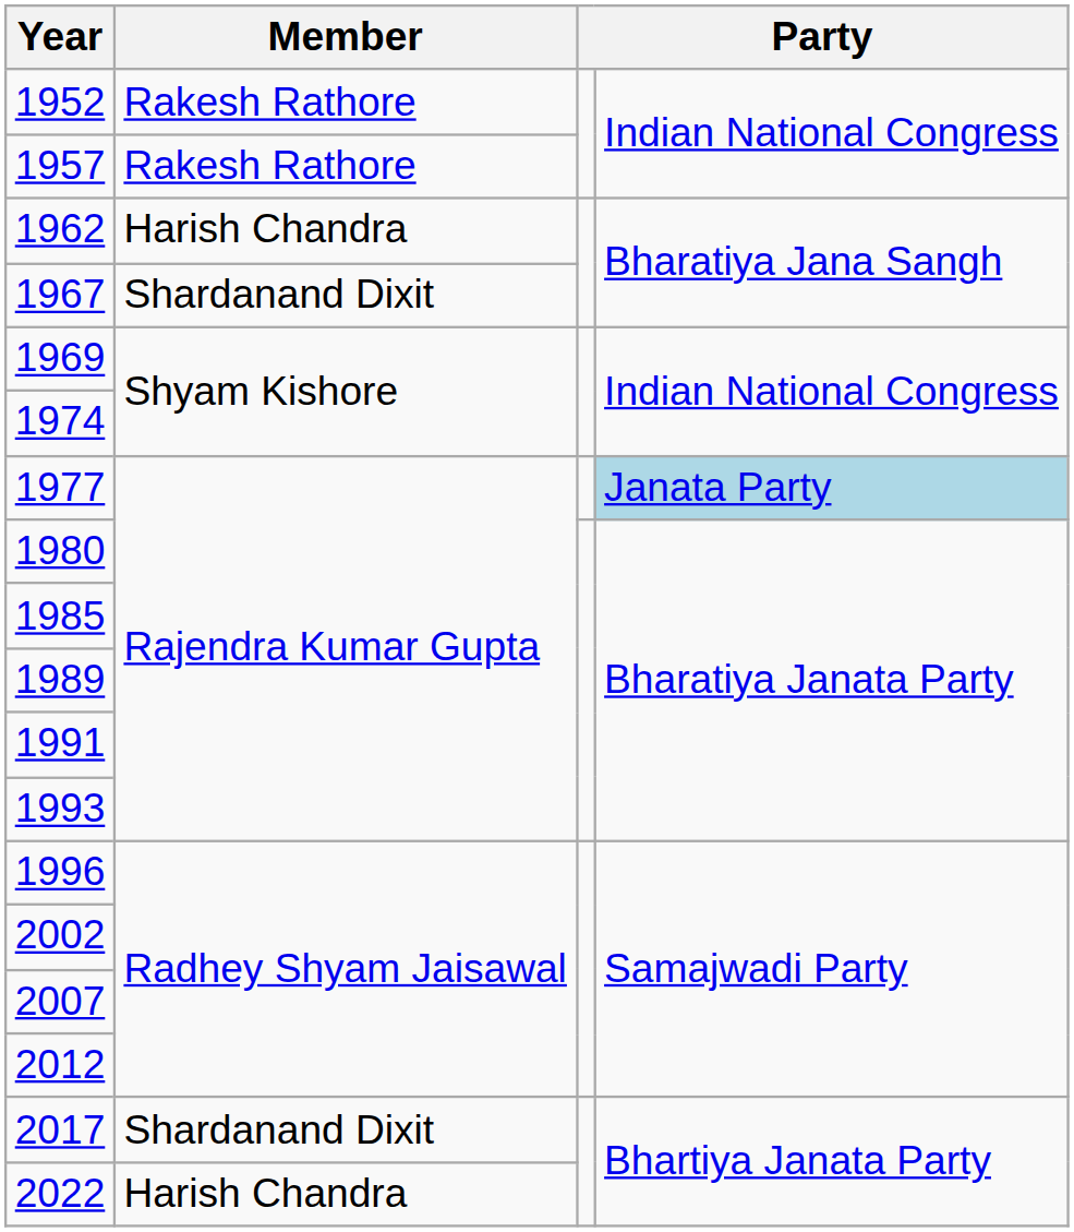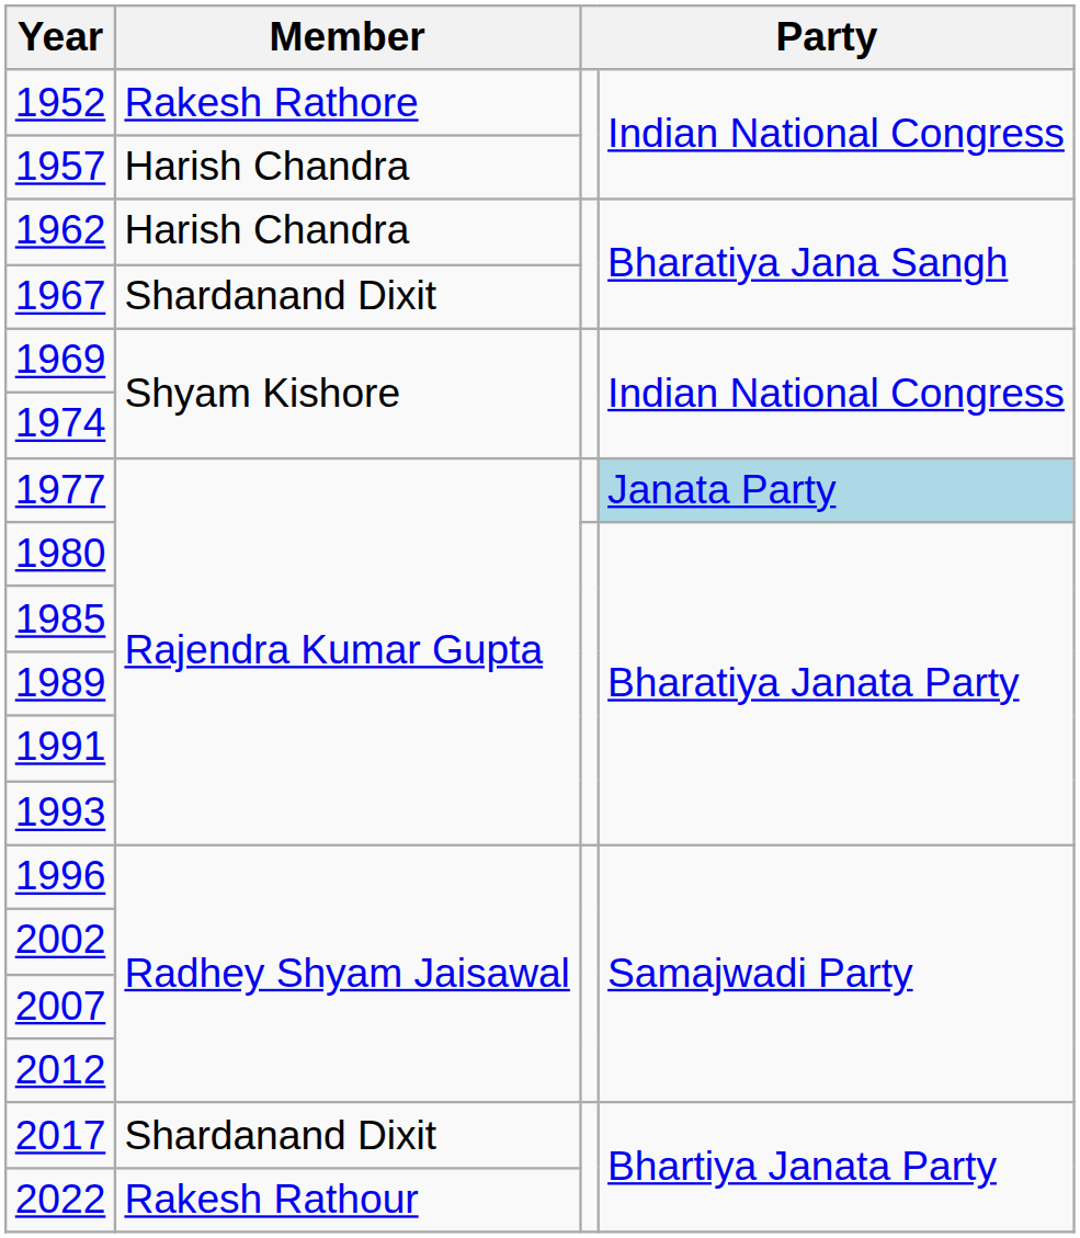 <table class="wikitable">
 <tr>
 <th>Year</th>
 <th>Member</th>
 <th colspan="2">Party</th>
 </tr>
 <tr>
 <td><a href='#'>1952</a></td>
 <td><a href='#'>Rakesh Rathore</a></td>
 <td rowspan="2" style="background-color: "></td>
 <td rowspan="2"><a href='#'>Indian National Congress</a></td>
 </tr>
 <tr>
 <td><a href='#'>1957</a></td>
-<td><a href='#'>Rakesh Rathore</a></td>
+<td>Harish Chandra</td>
 </tr>
 <tr>
 <td><a href='#'>1962</a></td>
 <td>Harish Chandra</td>
 <td rowspan="2" style="background-color: "></td>
 <td rowspan="2"><a href='#'>Bharatiya Jana Sangh</a></td>
 </tr>
 <tr>
 <td><a href='#'>1967</a></td>
 <td>Shardanand Dixit</td>
 </tr>
 <tr>
 <td><a href='#'>1969</a></td>
 <td rowspan="2">Shyam Kishore</td>
 <td rowspan="2" style="background-color: "></td>
 <td rowspan="2"><a href='#'>Indian National Congress</a></td>
 </tr>
 <tr>
 <td><a href='#'>1974</a></td>
 </tr>
 <tr>
 <td><a href='#'>1977</a></td>
 <td rowspan="6"><a href='#'>Rajendra Kumar Gupta</a></td>
 <td style="background-color: "></td>
 <td style="background: lightblue;"><a href='#'>Janata Party</a></td>
 </tr>
 <tr>
 <td><a href='#'>1980</a></td>
 <td rowspan="5" style="background-color: "></td>
 <td rowspan="5"><a href='#'>Bharatiya Janata Party</a></td>
 </tr>
 <tr>
 <td><a href='#'>1985</a></td>
 </tr>
 <tr>
 <td><a href='#'>1989</a></td>
 </tr>
 <tr>
 <td><a href='#'>1991</a></td>
 </tr>
 <tr>
 <td><a href='#'>1993</a></td>
 </tr>
 <tr>
 <td><a href='#'>1996</a></td>
 <td rowspan="4"><a href='#'>Radhey Shyam Jaisawal</a></td>
 <td rowspan="4" style="background-color: "></td>
 <td rowspan="4"><a href='#'>Samajwadi Party</a></td>
 </tr>
 <tr>
 <td><a href='#'>2002</a></td>
 </tr>
 <tr>
 <td><a href='#'>2007</a></td>
 </tr>
 <tr>
 <td><a href='#'>2012</a></td>
 </tr>
 <tr>
 <td><a href='#'>2017</a></td>
 <td>Shardanand Dixit</td>
 <td rowspan="2" style="background-color: "></td>
 <td rowspan="2"><a href='#'>Bhartiya Janata Party</a></td>
 </tr>
 <tr>
 <td><a href='#'>2022</a></td>
-<td>Harish Chandra</td>
+<td><a href='#'>Rakesh Rathour</a></td>
 </tr>
 </table>
